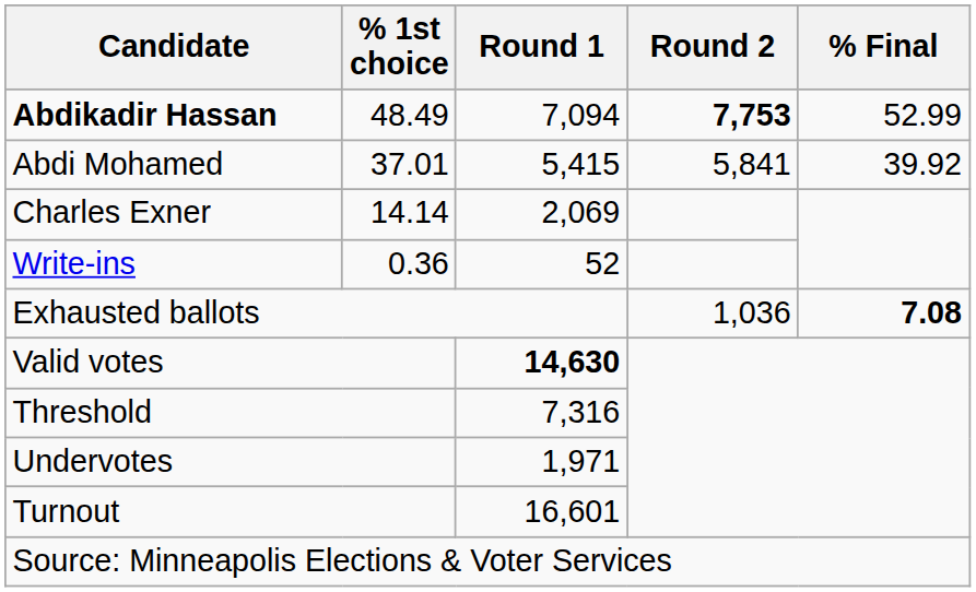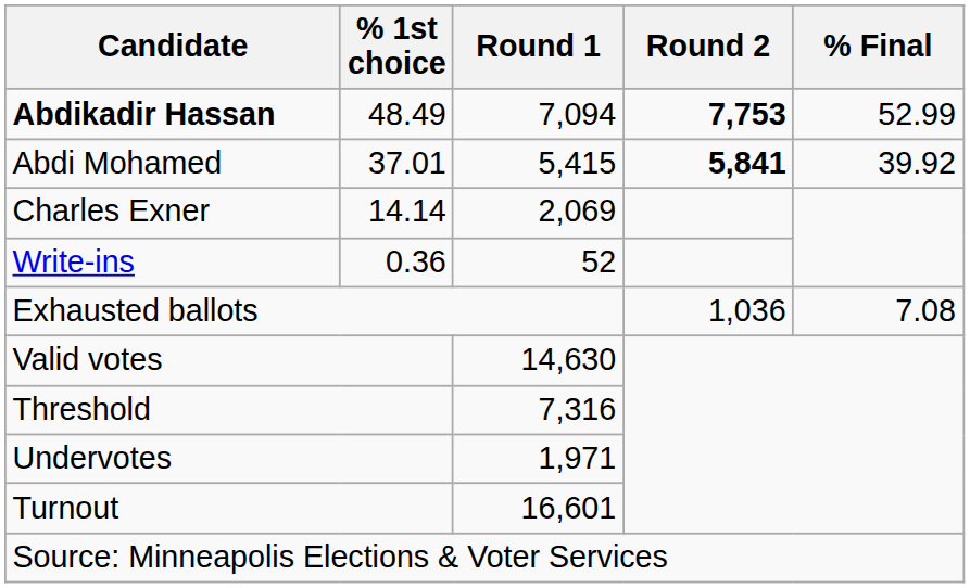 <table class="wikitable">
 <tr>
 <th style="width:165px">Candidate</th>
 <th>% 1st<br>choice</th>
 <th style="width:80px">Round 1</th>
 <th style="width:80px">Round 2</th>
 <th style="width:80px">% Final</th>
 </tr>
 <tr>
 <td><strong>Abdikadir Hassan</strong></td>
 <td align="right">48.49</td>
 <td align="right">7,094</td>
 <td align="right"><strong>7,753</strong></td>
 <td align="right">52.99</td>
 </tr>
 <tr>
 <td>Abdi Mohamed</td>
 <td align="right">37.01</td>
 <td align="right">5,415</td>
-<td align="right">5,841</td>
+<td align="right"><strong>5,841</strong></td>
 <td align="right">39.92</td>
 </tr>
 <tr>
 <td>Charles Exner</td>
 <td align="right">14.14</td>
 <td align="right">2,069</td>
 <td></td>
 <td rowspan="2"></td>
 </tr>
 <tr>
 <td><a href='#'>Write-ins</a></td>
 <td align="right">0.36</td>
 <td align="right">52</td>
 <td></td>
 </tr>
 <tr>
 <td colspan="3">Exhausted ballots</td>
 <td align="right">1,036</td>
-<td align="right"><strong>7.08</strong></td>
+<td align="right">7.08</td>
 </tr>
 <tr>
 <td colspan="2">Valid votes</td>
-<td align="right"><strong>14,630</strong></td>
+<td align="right">14,630</td>
 <td colspan="2" rowspan="4"></td>
 </tr>
 <tr>
 <td colspan="2">Threshold</td>
 <td align="right">7,316</td>
 </tr>
 <tr>
 <td colspan="2">Undervotes</td>
 <td align="right">1,971</td>
 </tr>
 <tr>
 <td colspan="2">Turnout</td>
 <td align="right">16,601</td>
 </tr>
 <tr>
 <td colspan="5">Source: Minneapolis Elections & Voter Services</td>
 </tr>
 </table>
